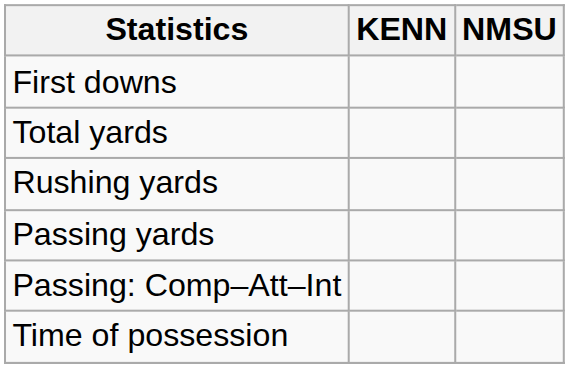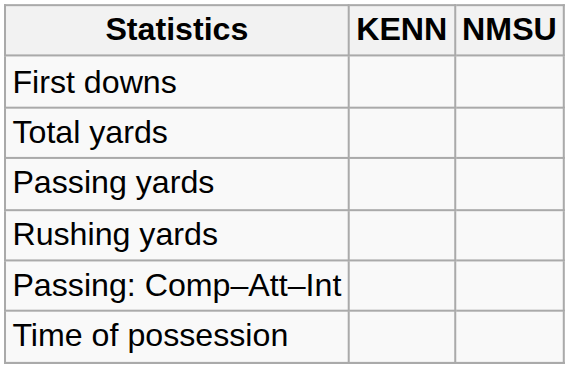 <table class="wikitable" style="float: left;">
 <tr>
 <th>Statistics</th>
 <th>KENN</th>
 <th>NMSU</th>
 </tr>
 <tr>
 <td>First downs</td>
 <td></td>
 <td></td>
 </tr>
 <tr>
 <td>Total yards</td>
 <td></td>
 <td></td>
 </tr>
 <tr>
-<td>Rushing yards</td>
+<td>Passing yards</td>
 <td></td>
 <td></td>
 </tr>
 <tr>
-<td>Passing yards</td>
+<td>Rushing yards</td>
 <td></td>
 <td></td>
 </tr>
 <tr>
 <td>Passing: Comp–Att–Int</td>
 <td></td>
 <td></td>
 </tr>
 <tr>
 <td>Time of possession</td>
 <td></td>
 <td></td>
 </tr>
 <tr>
 </tr>
 </table>
